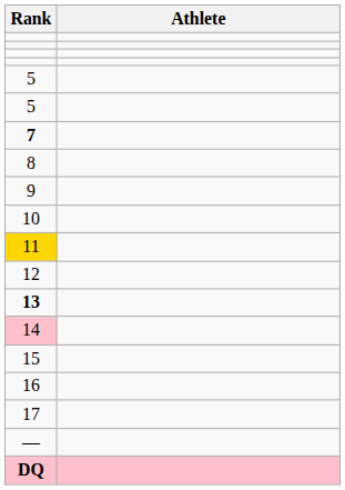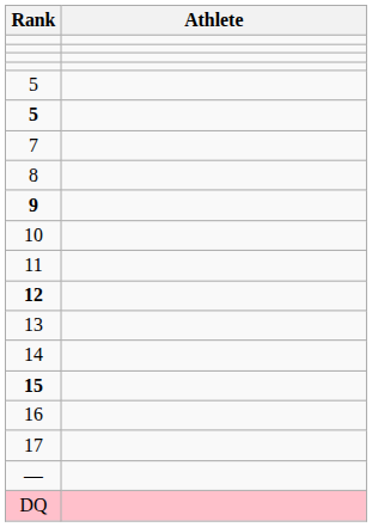 <table class="wikitable" style="text-align: center;">
 <tr>
 <th width=40>Rank</th>
 <th width=250>Athlete</th>
 </tr>
 <tr>
 <td></td>
 <td align=left></td>
 </tr>
 <tr>
 <td></td>
 <td align=left></td>
 </tr>
 <tr>
 <td></td>
 <td align=left></td>
 </tr>
 <tr>
 <td></td>
 <td align=left></td>
 </tr>
 <tr>
 <td>5</td>
 <td align=left></td>
 </tr>
 <tr>
-<td>5</td>
+<td><strong>5</strong></td>
 <td align=left></td>
 </tr>
 <tr>
-<td><strong>7</strong></td>
+<td>7</td>
 <td align=left></td>
 </tr>
 <tr>
 <td>8</td>
 <td align=left></td>
 </tr>
 <tr>
-<td>9</td>
+<td><strong>9</strong></td>
 <td align=left></td>
 </tr>
 <tr>
 <td>10</td>
 <td align=left></td>
 </tr>
 <tr>
-<td style="background: gold;">11</td>
+<td>11</td>
 <td align=left></td>
 </tr>
 <tr>
-<td>12</td>
+<td><strong>12</strong></td>
 <td align=left></td>
 </tr>
 <tr>
-<td><strong>13</strong></td>
+<td>13</td>
 <td align=left></td>
 </tr>
 <tr>
-<td style="background: pink;">14</td>
+<td>14</td>
 <td align=left></td>
 </tr>
 <tr>
-<td>15</td>
+<td><strong>15</strong></td>
 <td align=left></td>
 </tr>
 <tr>
 <td>16</td>
 <td align=left></td>
 </tr>
 <tr>
 <td>17</td>
 <td align=left></td>
 </tr>
 <tr>
 <td>—</td>
 <td align=left></td>
 </tr>
 <tr bgcolor=pink>
-<td><strong>DQ</strong></td>
+<td>DQ</td>
 <td align=left></td>
 </tr>
 </table>
